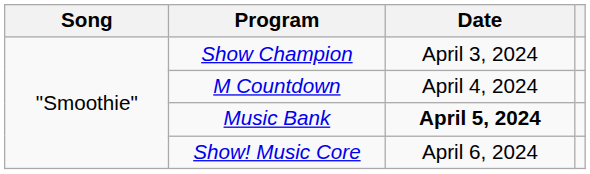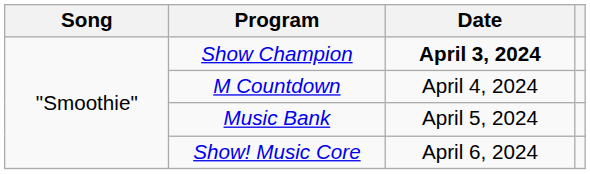 <table class="wikitable" style="text-align:center">
 <tr>
 <th width="120">Song</th>
 <th width="160">Program</th>
 <th width="140">Date</th>
 <th></th>
 </tr>
 <tr>
 <td rowspan="4">"Smoothie"</td>
 <td><em><a href='#'>Show Champion</a></em></td>
-<td>April 3, 2024</td>
+<td><strong>April 3, 2024</strong></td>
 <td></td>
 </tr>
 <tr>
 <td><em><a href='#'>M Countdown</a></em></td>
 <td>April 4, 2024</td>
 <td align="center"></td>
 </tr>
 <tr>
 <td><em><a href='#'>Music Bank</a></em></td>
-<td><strong>April 5, 2024</strong></td>
+<td>April 5, 2024</td>
 <td align="center"></td>
 </tr>
 <tr>
 <td><em><a href='#'>Show! Music Core</a></em></td>
 <td>April 6, 2024</td>
 <td></td>
 </tr>
 </table>
